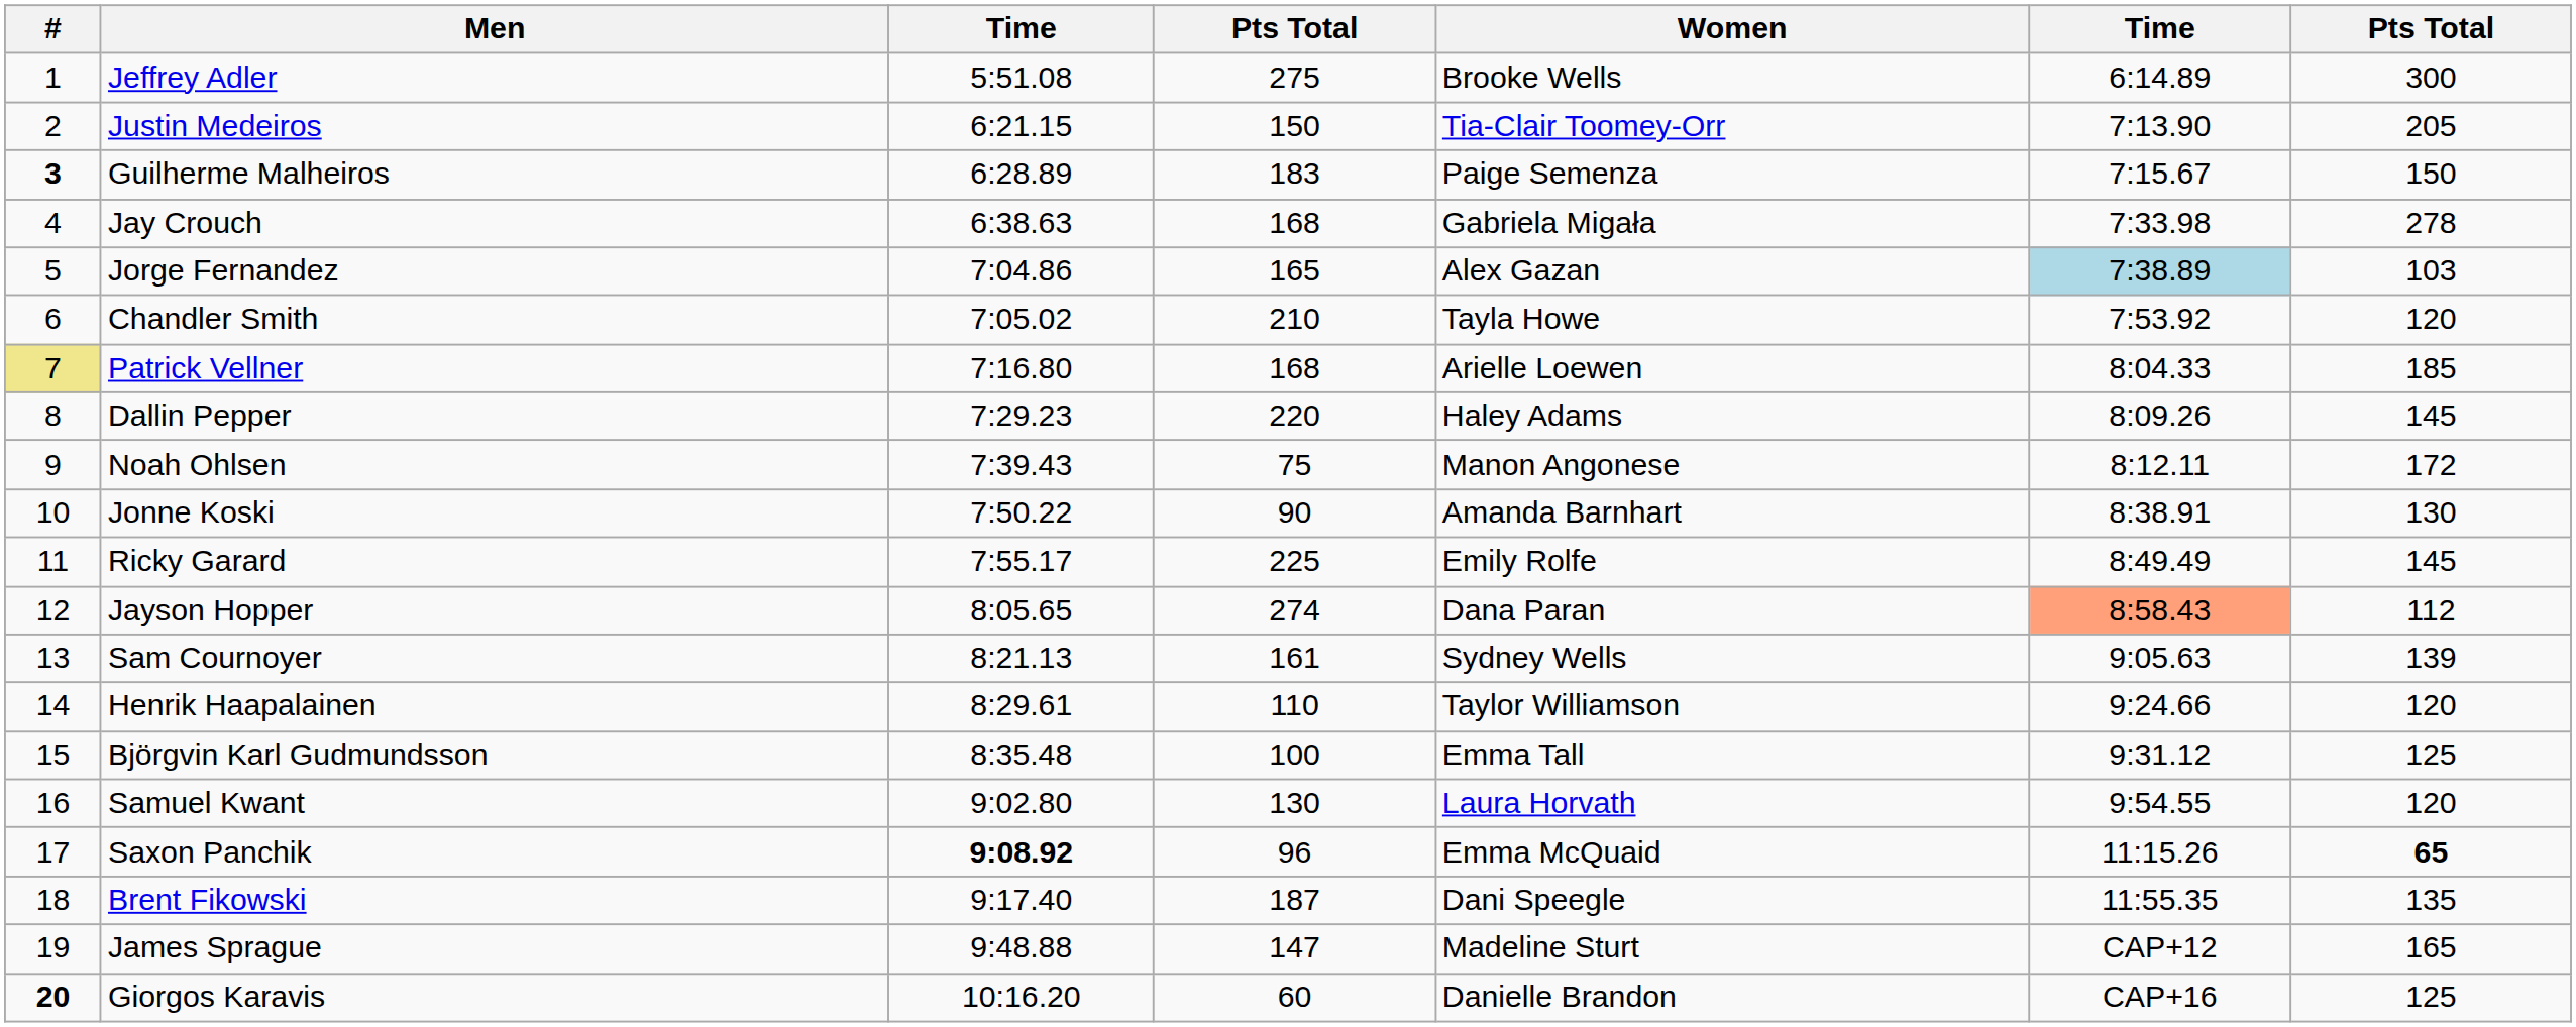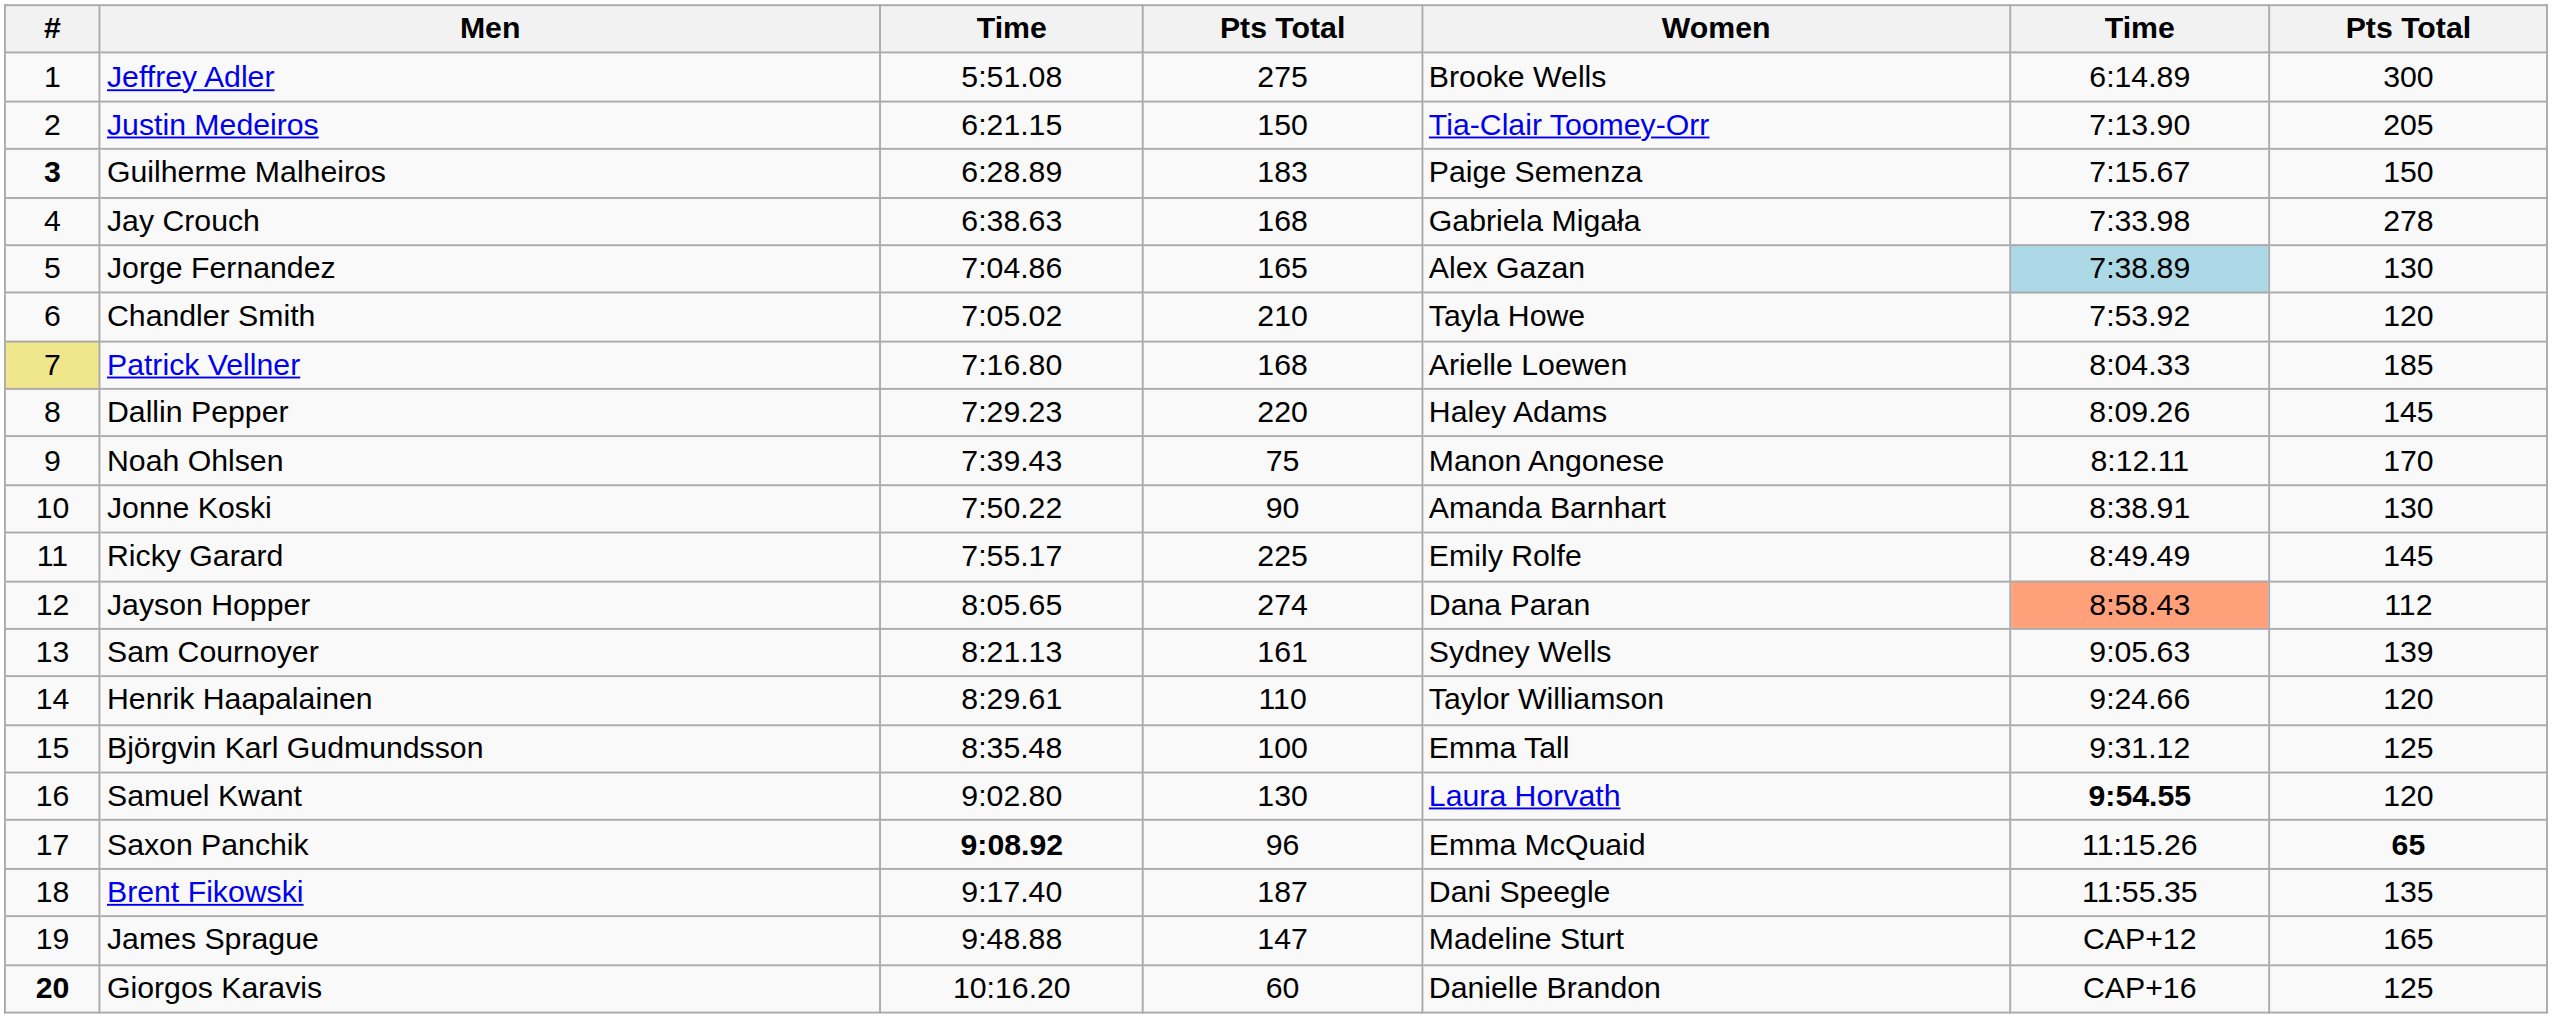 <table class="wikitable sortable" style="display: inline-table;width: 85%; text-align:center">
 <tr>
 <th>#</th>
 <th>Men</th>
 <th>Time</th>
 <th>Pts Total</th>
 <th>Women</th>
 <th>Time</th>
 <th>Pts Total</th>
 </tr>
 <tr>
 <td>1</td>
 <td align=left> <a href='#'>Jeffrey Adler</a></td>
 <td>5:51.08</td>
 <td>275</td>
 <td align=left> Brooke Wells</td>
 <td>6:14.89</td>
 <td>300</td>
 </tr>
 <tr>
 <td>2</td>
 <td align=left> <a href='#'>Justin Medeiros</a></td>
 <td>6:21.15</td>
 <td>150</td>
 <td align=left> <a href='#'>Tia-Clair Toomey-Orr</a></td>
 <td>7:13.90</td>
 <td>205</td>
 </tr>
 <tr>
 <td><strong>3</strong></td>
 <td align=left> Guilherme Malheiros</td>
 <td>6:28.89</td>
 <td>183</td>
 <td align=left> Paige Semenza</td>
 <td>7:15.67</td>
 <td>150</td>
 </tr>
 <tr>
 <td>4</td>
 <td align=left> Jay Crouch</td>
 <td>6:38.63</td>
 <td>168</td>
 <td align=left> Gabriela Migała</td>
 <td>7:33.98</td>
 <td>278</td>
 </tr>
 <tr>
 <td>5</td>
 <td align=left> Jorge Fernandez</td>
 <td>7:04.86</td>
 <td>165</td>
 <td align=left> Alex Gazan</td>
 <td style="background: lightblue;">7:38.89</td>
-<td>103</td>
+<td>130</td>
 </tr>
 <tr>
 <td>6</td>
 <td align=left> Chandler Smith</td>
 <td>7:05.02</td>
 <td>210</td>
 <td align=left> Tayla Howe</td>
 <td>7:53.92</td>
 <td>120</td>
 </tr>
 <tr>
 <td style="background: khaki;">7</td>
 <td align=left> <a href='#'>Patrick Vellner</a></td>
 <td>7:16.80</td>
 <td>168</td>
 <td align=left> Arielle Loewen</td>
 <td>8:04.33</td>
 <td>185</td>
 </tr>
 <tr>
 <td>8</td>
 <td align=left> Dallin Pepper</td>
 <td>7:29.23</td>
 <td>220</td>
 <td align=left> Haley Adams</td>
 <td>8:09.26</td>
 <td>145</td>
 </tr>
 <tr>
 <td>9</td>
 <td align=left> Noah Ohlsen</td>
 <td>7:39.43</td>
 <td>75</td>
 <td align=left> Manon Angonese</td>
 <td>8:12.11</td>
-<td>172</td>
+<td>170</td>
 </tr>
 <tr>
 <td>10</td>
 <td align=left> Jonne Koski</td>
 <td>7:50.22</td>
 <td>90</td>
 <td align=left> Amanda Barnhart</td>
 <td>8:38.91</td>
 <td>130</td>
 </tr>
 <tr>
 <td>11</td>
 <td align=left> Ricky Garard</td>
 <td>7:55.17</td>
 <td>225</td>
 <td align=left> Emily Rolfe</td>
 <td>8:49.49</td>
 <td>145</td>
 </tr>
 <tr>
 <td>12</td>
 <td align=left> Jayson Hopper</td>
 <td>8:05.65</td>
 <td>274</td>
 <td align=left> Dana Paran</td>
 <td style="background: lightsalmon;">8:58.43</td>
 <td>112</td>
 </tr>
 <tr>
 <td>13</td>
 <td align=left> Sam Cournoyer</td>
 <td>8:21.13</td>
 <td>161</td>
 <td align=left> Sydney Wells</td>
 <td>9:05.63</td>
 <td>139</td>
 </tr>
 <tr>
 <td>14</td>
 <td align=left> Henrik Haapalainen</td>
 <td>8:29.61</td>
 <td>110</td>
 <td align=left> Taylor Williamson</td>
 <td>9:24.66</td>
 <td>120</td>
 </tr>
 <tr>
 <td>15</td>
 <td align=left> Björgvin Karl Gudmundsson</td>
 <td>8:35.48</td>
 <td>100</td>
 <td align=left> Emma Tall</td>
 <td>9:31.12</td>
 <td>125</td>
 </tr>
 <tr>
 <td>16</td>
 <td align=left> Samuel Kwant</td>
 <td>9:02.80</td>
 <td>130</td>
 <td align=left> <a href='#'>Laura Horvath</a></td>
-<td>9:54.55</td>
+<td><strong>9:54.55</strong></td>
 <td>120</td>
 </tr>
 <tr>
 <td>17</td>
 <td align=left> Saxon Panchik</td>
 <td><strong>9:08.92</strong></td>
 <td>96</td>
 <td align=left> Emma McQuaid</td>
 <td>11:15.26</td>
 <td><strong>65</strong></td>
 </tr>
 <tr>
 <td>18</td>
 <td align=left> <a href='#'>Brent Fikowski</a></td>
 <td>9:17.40</td>
 <td>187</td>
 <td align=left> Dani Speegle</td>
 <td>11:55.35</td>
 <td>135</td>
 </tr>
 <tr>
 <td>19</td>
 <td align=left> James Sprague</td>
 <td>9:48.88</td>
 <td>147</td>
 <td align=left> Madeline Sturt</td>
 <td>CAP+12</td>
 <td>165</td>
 </tr>
 <tr>
 <td><strong>20</strong></td>
 <td align=left> Giorgos Karavis</td>
 <td>10:16.20</td>
 <td>60</td>
 <td align=left> Danielle Brandon</td>
 <td>CAP+16</td>
 <td>125</td>
 </tr>
 </table>
